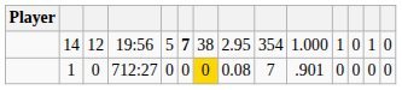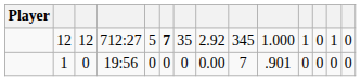 <table class="wikitable sortable" style="text-align:center;">
 <tr>
 <th>Player</th>
 <th></th>
 <th></th>
 <th></th>
 <th></th>
 <th></th>
 <th></th>
 <th></th>
 <th></th>
 <th></th>
 <th></th>
 <th></th>
 <th></th>
 <th></th>
 </tr>
 <tr>
 <td></td>
-<td>14</td>
 <td>12</td>
-<td>19:56</td>
+<td>12</td>
+<td>712:27</td>
 <td>5</td>
 <td><strong>7</strong></td>
-<td>38</td>
-<td>2.95</td>
-<td>354</td>
+<td>35</td>
+<td>2.92</td>
+<td>345</td>
 <td>1.000</td>
 <td>1</td>
 <td>0</td>
 <td>1</td>
 <td>0</td>
 </tr>
 <tr>
 <td></td>
 <td>1</td>
 <td>0</td>
-<td>712:27</td>
+<td>19:56</td>
 <td>0</td>
 <td>0</td>
-<td style="background: gold;">0</td>
-<td>0.08</td>
+<td>0</td>
+<td>0.00</td>
 <td>7</td>
 <td>.901</td>
 <td>0</td>
 <td>0</td>
 <td>0</td>
 <td>0</td>
 </tr>
 </table>
